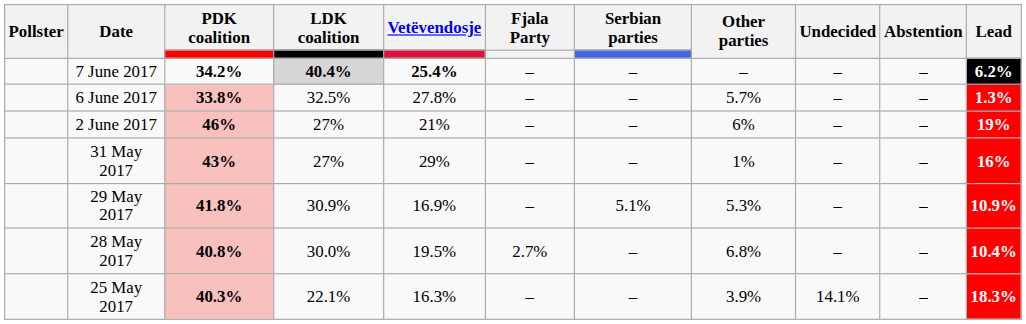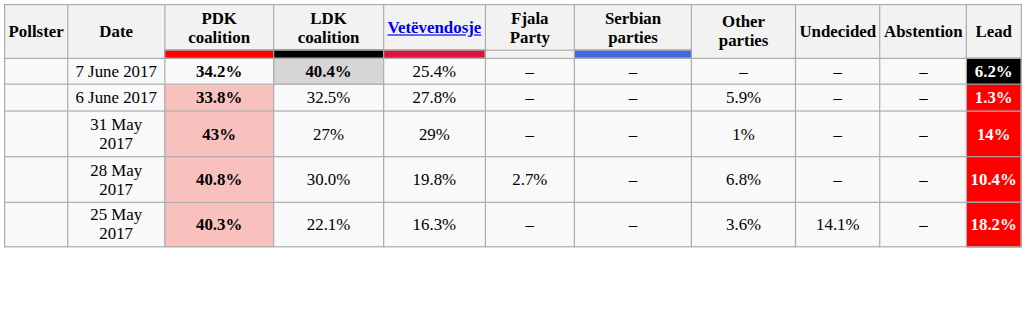 <table class=wikitable style="text-align:center; font-size:90%; line-height:16px; margin-bottom:0">
 <tr>
 <th rowspan="2">Pollster</th>
 <th rowspan="2">Date</th>
 <th>PDK coalition</th>
 <th>LDK coalition</th>
 <th><a href='#'>Vetëvendosje</a></th>
 <th>Fjala Party</th>
 <th>Serbian parties</th>
 <th rowspan="2">Other parties</th>
 <th rowspan="2">Undecided</th>
 <th rowspan="2">Abstention</th>
 <th rowspan="2">Lead</th>
 </tr>
 <tr>
 <th style="background:red;"></th>
 <th style="background:black;"></th>
 <th style="background:crimson;"></th>
 <th style="background:"></th>
 <th style="background:#4169e1;"></th>
 </tr>
 <tr>
 <td></td>
 <td>7 June 2017</td>
 <td><strong>34.2%</strong></td>
 <td bgcolor="#D7D5D7"><strong>40.4%</strong></td>
-<td><strong>25.4%</strong></td>
+<td>25.4%</td>
 <td>–</td>
 <td>–</td>
 <td>–</td>
 <td>–</td>
 <td>–</td>
 <td style="background:black; color:white"><strong>6.2%</strong></td>
 </tr>
 <tr>
 <td></td>
 <td>6 June 2017</td>
 <td bgcolor="#F8C1BE"><strong>33.8%</strong></td>
 <td>32.5%</td>
 <td>27.8%</td>
 <td>–</td>
 <td>–</td>
-<td>5.7%</td>
+<td>5.9%</td>
 <td>–</td>
 <td>–</td>
 <td style="background:red; color:white"><strong>1.3%</strong></td>
-</tr>
-<tr>
-<td></td>
-<td>2 June 2017</td>
-<td bgcolor="#F8C1BE"><strong>46%</strong></td>
-<td>27%</td>
-<td>21%</td>
-<td>–</td>
-<td>–</td>
-<td>6%</td>
-<td>–</td>
-<td>–</td>
-<td style="background:red; color:white"><strong>19%</strong></td>
 </tr>
 <tr>
 <td></td>
 <td>31 May 2017</td>
 <td bgcolor="#F8C1BE"><strong>43%</strong></td>
 <td>27%</td>
 <td>29%</td>
 <td>–</td>
 <td>–</td>
 <td>1%</td>
 <td>–</td>
 <td>–</td>
-<td style="background:red; color:white"><strong>16%</strong></td>
-</tr>
-<tr>
-<td> </td>
-<td>29 May 2017</td>
-<td bgcolor="#F8C1BE"><strong>41.8%</strong></td>
-<td>30.9%</td>
-<td>16.9%</td>
-<td>–</td>
-<td>5.1%</td>
-<td>5.3%</td>
-<td>–</td>
-<td>–</td>
-<td style="background:red; color:white"><strong>10.9%</strong></td>
+<td style="background:red; color:white"><strong>14%</strong></td>
 </tr>
 <tr>
 <td> </td>
 <td>28 May 2017</td>
 <td bgcolor="#F8C1BE"><strong>40.8%</strong></td>
 <td>30.0%</td>
-<td>19.5%</td>
+<td>19.8%</td>
 <td>2.7%</td>
 <td>–</td>
 <td>6.8%</td>
 <td>–</td>
 <td>–</td>
 <td style="background:red; color:white"><strong>10.4%</strong></td>
 </tr>
 <tr>
 <td></td>
 <td>25 May 2017</td>
 <td bgcolor="#F8C1BE"><strong>40.3%</strong></td>
 <td>22.1%</td>
 <td>16.3%</td>
 <td>–</td>
 <td>–</td>
-<td>3.9%</td>
+<td>3.6%</td>
 <td>14.1%</td>
 <td>–</td>
-<td style="background:red; color:white"><strong>18.3%</strong></td>
+<td style="background:red; color:white"><strong>18.2%</strong></td>
 </tr>
 </table>
